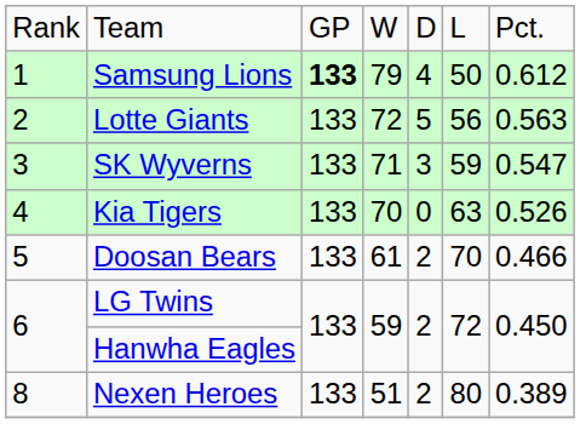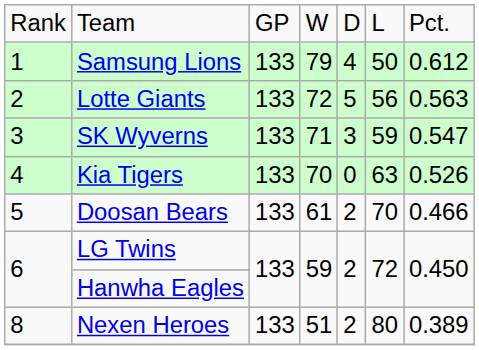 <table class="wikitable">
 <tr>
 <td>Rank</td>
 <td>Team</td>
 <td>GP</td>
 <td>W</td>
 <td>D</td>
 <td>L</td>
 <td>Pct.</td>
 </tr>
 <tr bgcolor="#ccffcc">
 <td>1</td>
 <td><a href='#'>Samsung Lions</a></td>
-<td><strong>133</strong></td>
+<td>133</td>
 <td>79</td>
 <td>4</td>
 <td>50</td>
 <td>0.612</td>
 </tr>
 <tr bgcolor="#ccffcc">
 <td>2</td>
 <td><a href='#'>Lotte Giants</a></td>
 <td>133</td>
 <td>72</td>
 <td>5</td>
 <td>56</td>
 <td>0.563</td>
 </tr>
 <tr bgcolor="#ccffcc">
 <td>3</td>
 <td><a href='#'>SK Wyverns</a></td>
 <td>133</td>
 <td>71</td>
 <td>3</td>
 <td>59</td>
 <td>0.547</td>
 </tr>
 <tr bgcolor="#ccffcc">
 <td>4</td>
 <td><a href='#'>Kia Tigers</a></td>
 <td>133</td>
 <td>70</td>
 <td>0</td>
 <td>63</td>
 <td>0.526</td>
 </tr>
 <tr>
 <td>5</td>
 <td><a href='#'>Doosan Bears</a></td>
 <td>133</td>
 <td>61</td>
 <td>2</td>
 <td>70</td>
 <td>0.466</td>
 </tr>
 <tr>
 <td rowspan="2">6</td>
 <td><a href='#'>LG Twins</a></td>
 <td rowspan="2">133</td>
 <td rowspan="2">59</td>
 <td rowspan="2">2</td>
 <td rowspan="2">72</td>
 <td rowspan="2">0.450</td>
 </tr>
 <tr>
 <td><a href='#'>Hanwha Eagles</a></td>
 </tr>
 <tr>
 <td>8</td>
 <td><a href='#'>Nexen Heroes</a></td>
 <td>133</td>
 <td>51</td>
 <td>2</td>
 <td>80</td>
 <td>0.389</td>
 </tr>
 <tr>
 </tr>
 </table>
